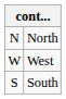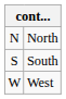 <table class="wikitable" style="font-size:85%">
 <tr>
 <th colspan=2>cont...</th>
 </tr>
 <tr>
 <td style="text-align: center;">N</td>
 <td>North</td>
 </tr>
 <tr>
+<td style="text-align: center;">S</td>
+<td>South</td>
+</tr>
+<tr>
 <td style="text-align: center;">W</td>
 <td>West</td>
 </tr>
-<tr>
-<td style="text-align: center;">S</td>
-<td>South</td>
-</tr>
 </table>
